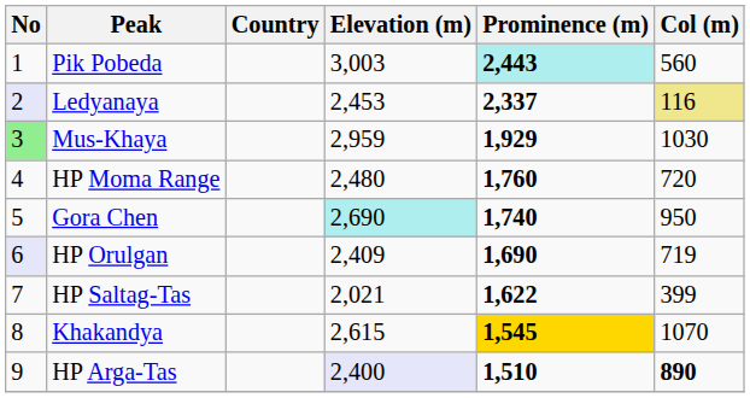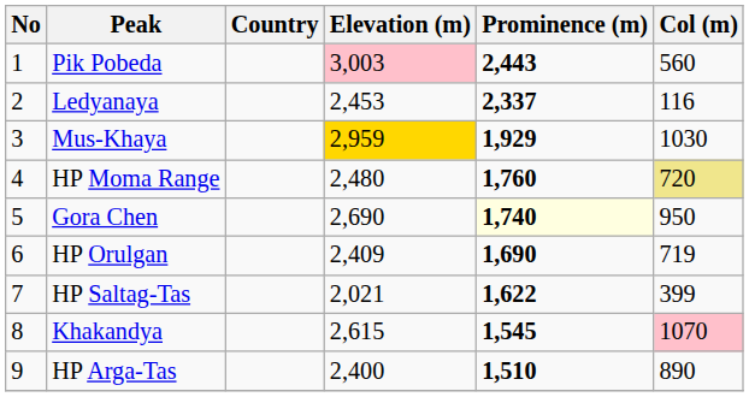 <table class="wikitable sortable">
 <tr>
 <th>No</th>
 <th>Peak</th>
 <th>Country</th>
 <th>Elevation (m)</th>
 <th>Prominence (m)</th>
 <th>Col (m)</th>
 </tr>
 <tr>
 <td>1</td>
 <td><a href='#'>Pik Pobeda</a></td>
 <td></td>
-<td>3,003</td>
-<td style="background: paleturquoise;"><strong>2,443</strong></td>
+<td style="background: pink;">3,003</td>
+<td><strong>2,443</strong></td>
 <td>560</td>
 </tr>
 <tr>
-<td style="background: lavender;">2</td>
+<td>2</td>
 <td><a href='#'>Ledyanaya</a></td>
 <td></td>
 <td>2,453</td>
 <td><strong>2,337</strong></td>
-<td style="background: khaki;">116</td>
+<td>116</td>
 </tr>
 <tr>
-<td style="background: lightgreen;">3</td>
+<td>3</td>
 <td><a href='#'>Mus-Khaya</a></td>
 <td></td>
-<td>2,959</td>
+<td style="background: gold;">2,959</td>
 <td><strong>1,929</strong></td>
 <td>1030</td>
 </tr>
 <tr>
 <td>4</td>
 <td>HP <a href='#'>Moma Range</a></td>
 <td></td>
 <td>2,480</td>
 <td><strong>1,760</strong></td>
-<td>720</td>
+<td style="background: khaki;">720</td>
 </tr>
 <tr>
 <td>5</td>
 <td><a href='#'>Gora Chen</a></td>
 <td></td>
-<td style="background: paleturquoise;">2,690</td>
-<td><strong>1,740</strong></td>
+<td>2,690</td>
+<td style="background: lightyellow;"><strong>1,740</strong></td>
 <td>950</td>
 </tr>
 <tr>
-<td style="background: lavender;">6</td>
+<td>6</td>
 <td>HP <a href='#'>Orulgan</a></td>
 <td></td>
 <td>2,409</td>
 <td><strong>1,690</strong></td>
 <td>719</td>
 </tr>
 <tr>
 <td>7</td>
 <td>HP <a href='#'>Saltag-Tas</a></td>
 <td></td>
 <td>2,021</td>
 <td><strong>1,622</strong></td>
 <td>399</td>
 </tr>
 <tr>
 <td>8</td>
 <td><a href='#'>Khakandya</a></td>
 <td></td>
 <td>2,615</td>
-<td style="background: gold;"><strong>1,545</strong></td>
-<td>1070</td>
+<td><strong>1,545</strong></td>
+<td style="background: pink;">1070</td>
 </tr>
 <tr>
 <td>9</td>
 <td>HP <a href='#'>Arga-Tas</a></td>
 <td></td>
-<td style="background: lavender;">2,400</td>
+<td>2,400</td>
 <td><strong>1,510</strong></td>
-<td><strong>890</strong></td>
+<td>890</td>
 </tr>
 <tr>
 </tr>
 </table>
